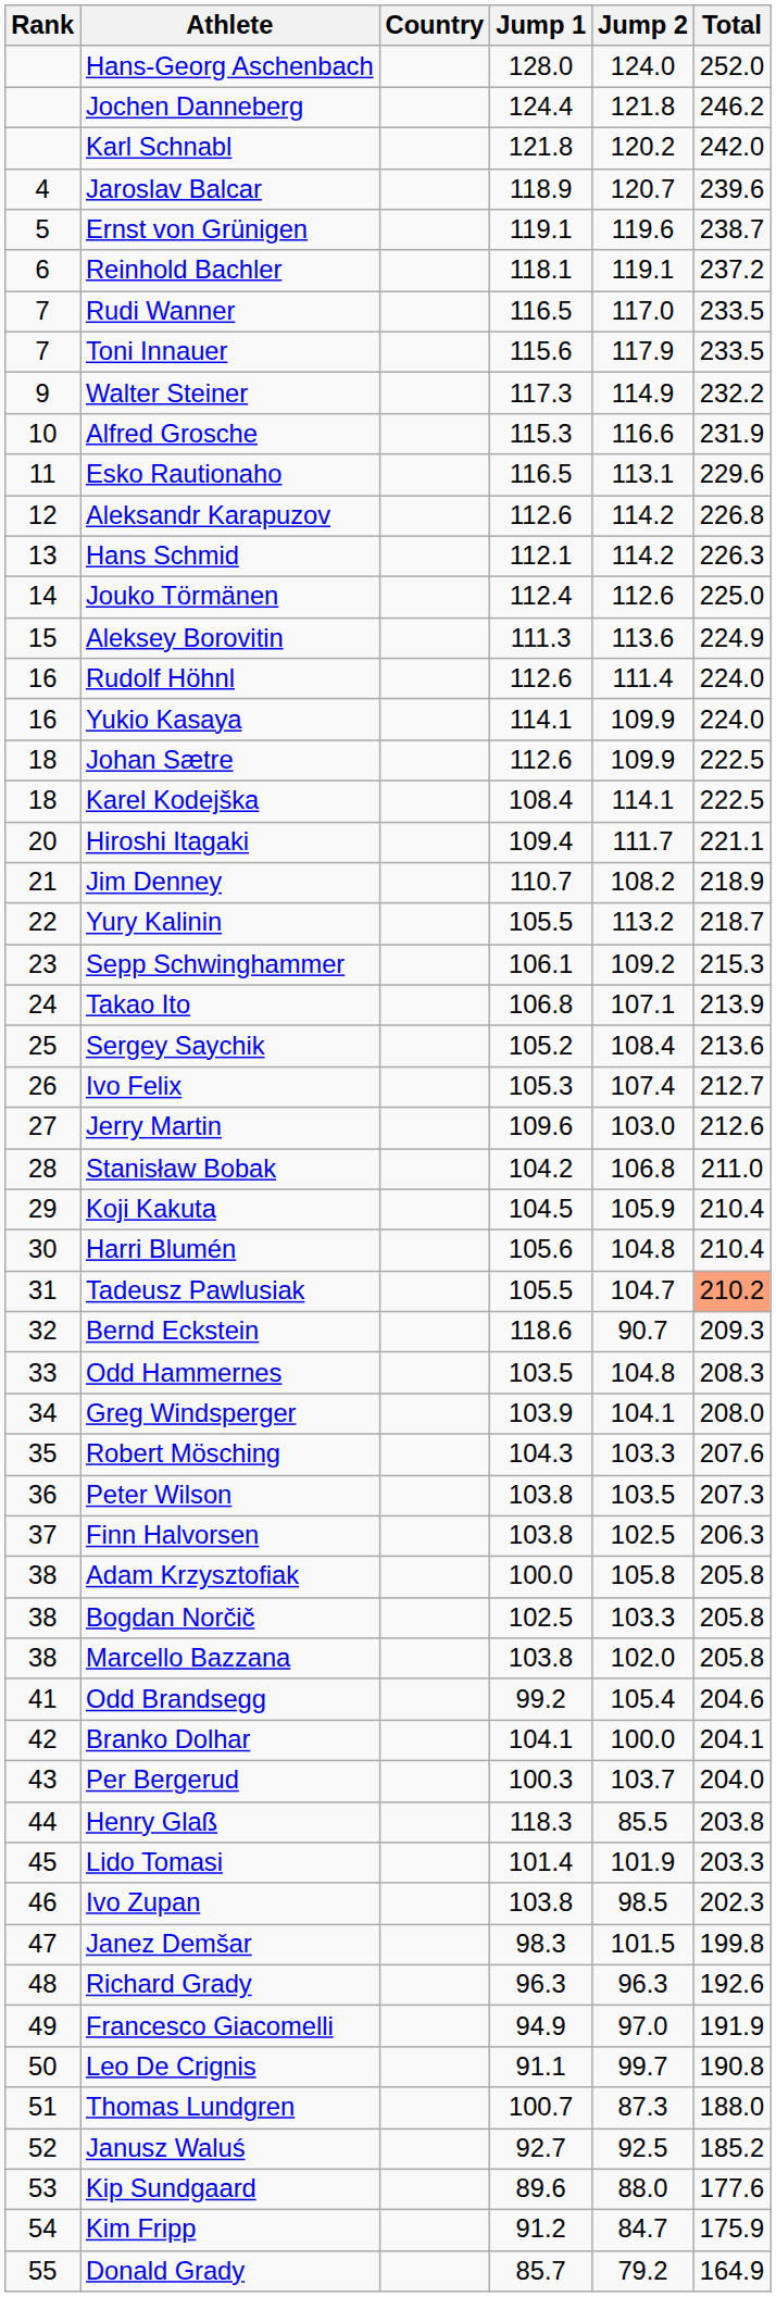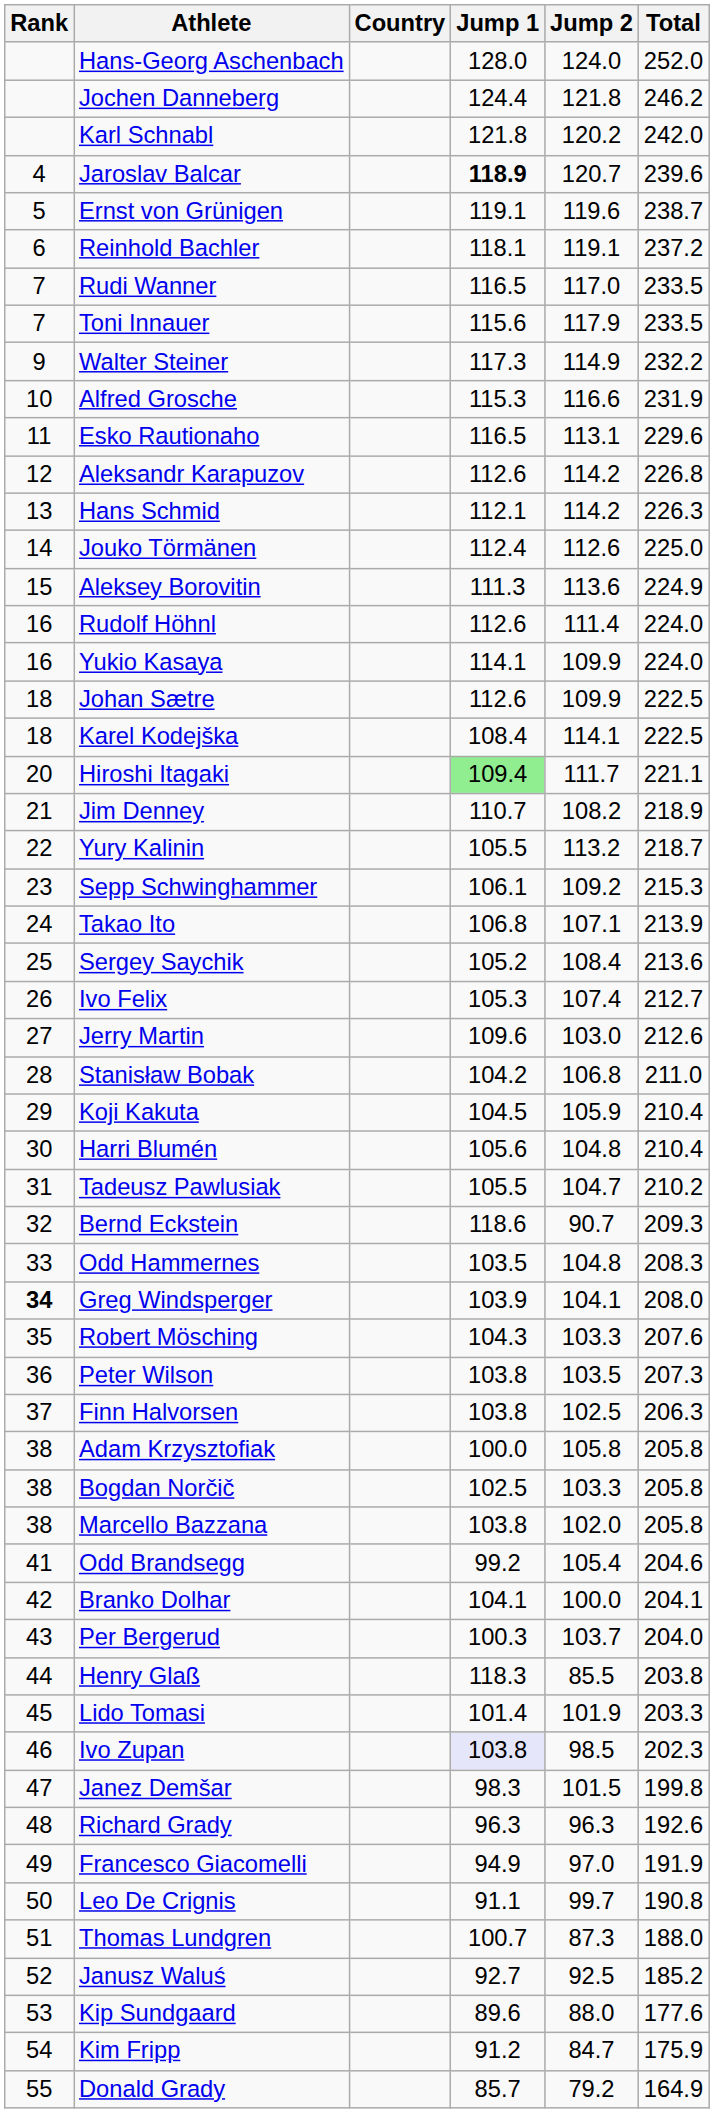 <table class="wikitable sortable" style="text-align:center">
 <tr>
 <th>Rank</th>
 <th>Athlete</th>
 <th>Country</th>
 <th>Jump 1</th>
 <th>Jump 2</th>
 <th>Total</th>
 </tr>
 <tr>
 <td></td>
 <td align=left><a href='#'>Hans-Georg Aschenbach</a></td>
 <td align=left></td>
 <td>128.0</td>
 <td>124.0</td>
 <td>252.0</td>
 </tr>
 <tr>
 <td></td>
 <td align=left><a href='#'>Jochen Danneberg</a></td>
 <td align=left></td>
 <td>124.4</td>
 <td>121.8</td>
 <td>246.2</td>
 </tr>
 <tr>
 <td></td>
 <td align=left><a href='#'>Karl Schnabl</a></td>
 <td align=left></td>
 <td>121.8</td>
 <td>120.2</td>
 <td>242.0</td>
 </tr>
 <tr>
 <td>4</td>
 <td align=left><a href='#'>Jaroslav Balcar</a></td>
 <td align=left></td>
-<td>118.9</td>
+<td><strong>118.9</strong></td>
 <td>120.7</td>
 <td>239.6</td>
 </tr>
 <tr>
 <td>5</td>
 <td align=left><a href='#'>Ernst von Grünigen</a></td>
 <td align=left></td>
 <td>119.1</td>
 <td>119.6</td>
 <td>238.7</td>
 </tr>
 <tr>
 <td>6</td>
 <td align=left><a href='#'>Reinhold Bachler</a></td>
 <td align=left></td>
 <td>118.1</td>
 <td>119.1</td>
 <td>237.2</td>
 </tr>
 <tr>
 <td>7</td>
 <td align=left><a href='#'>Rudi Wanner</a></td>
 <td align=left></td>
 <td>116.5</td>
 <td>117.0</td>
 <td>233.5</td>
 </tr>
 <tr>
 <td>7</td>
 <td align=left><a href='#'>Toni Innauer</a></td>
 <td align=left></td>
 <td>115.6</td>
 <td>117.9</td>
 <td>233.5</td>
 </tr>
 <tr>
 <td>9</td>
 <td align=left><a href='#'>Walter Steiner</a></td>
 <td align=left></td>
 <td>117.3</td>
 <td>114.9</td>
 <td>232.2</td>
 </tr>
 <tr>
 <td>10</td>
 <td align=left><a href='#'>Alfred Grosche</a></td>
 <td align=left></td>
 <td>115.3</td>
 <td>116.6</td>
 <td>231.9</td>
 </tr>
 <tr>
 <td>11</td>
 <td align=left><a href='#'>Esko Rautionaho</a></td>
 <td align=left></td>
 <td>116.5</td>
 <td>113.1</td>
 <td>229.6</td>
 </tr>
 <tr>
 <td>12</td>
 <td align=left><a href='#'>Aleksandr Karapuzov</a></td>
 <td align=left></td>
 <td>112.6</td>
 <td>114.2</td>
 <td>226.8</td>
 </tr>
 <tr>
 <td>13</td>
 <td align=left><a href='#'>Hans Schmid</a></td>
 <td align=left></td>
 <td>112.1</td>
 <td>114.2</td>
 <td>226.3</td>
 </tr>
 <tr>
 <td>14</td>
 <td align=left><a href='#'>Jouko Törmänen</a></td>
 <td align=left></td>
 <td>112.4</td>
 <td>112.6</td>
 <td>225.0</td>
 </tr>
 <tr>
 <td>15</td>
 <td align=left><a href='#'>Aleksey Borovitin</a></td>
 <td align=left></td>
 <td>111.3</td>
 <td>113.6</td>
 <td>224.9</td>
 </tr>
 <tr>
 <td>16</td>
 <td align=left><a href='#'>Rudolf Höhnl</a></td>
 <td align=left></td>
 <td>112.6</td>
 <td>111.4</td>
 <td>224.0</td>
 </tr>
 <tr>
 <td>16</td>
 <td align=left><a href='#'>Yukio Kasaya</a></td>
 <td align=left></td>
 <td>114.1</td>
 <td>109.9</td>
 <td>224.0</td>
 </tr>
 <tr>
 <td>18</td>
 <td align=left><a href='#'>Johan Sætre</a></td>
 <td align=left></td>
 <td>112.6</td>
 <td>109.9</td>
 <td>222.5</td>
 </tr>
 <tr>
 <td>18</td>
 <td align=left><a href='#'>Karel Kodejška</a></td>
 <td align=left></td>
 <td>108.4</td>
 <td>114.1</td>
 <td>222.5</td>
 </tr>
 <tr>
 <td>20</td>
 <td align=left><a href='#'>Hiroshi Itagaki</a></td>
 <td align=left></td>
-<td>109.4</td>
+<td style="background: lightgreen;">109.4</td>
 <td>111.7</td>
 <td>221.1</td>
 </tr>
 <tr>
 <td>21</td>
 <td align=left><a href='#'>Jim Denney</a></td>
 <td align=left></td>
 <td>110.7</td>
 <td>108.2</td>
 <td>218.9</td>
 </tr>
 <tr>
 <td>22</td>
 <td align=left><a href='#'>Yury Kalinin</a></td>
 <td align=left></td>
 <td>105.5</td>
 <td>113.2</td>
 <td>218.7</td>
 </tr>
 <tr>
 <td>23</td>
 <td align=left><a href='#'>Sepp Schwinghammer</a></td>
 <td align=left></td>
 <td>106.1</td>
 <td>109.2</td>
 <td>215.3</td>
 </tr>
 <tr>
 <td>24</td>
 <td align=left><a href='#'>Takao Ito</a></td>
 <td align=left></td>
 <td>106.8</td>
 <td>107.1</td>
 <td>213.9</td>
 </tr>
 <tr>
 <td>25</td>
 <td align=left><a href='#'>Sergey Saychik</a></td>
 <td align=left></td>
 <td>105.2</td>
 <td>108.4</td>
 <td>213.6</td>
 </tr>
 <tr>
 <td>26</td>
 <td align=left><a href='#'>Ivo Felix</a></td>
 <td align=left></td>
 <td>105.3</td>
 <td>107.4</td>
 <td>212.7</td>
 </tr>
 <tr>
 <td>27</td>
 <td align=left><a href='#'>Jerry Martin</a></td>
 <td align=left></td>
 <td>109.6</td>
 <td>103.0</td>
 <td>212.6</td>
 </tr>
 <tr>
 <td>28</td>
 <td align=left><a href='#'>Stanisław Bobak</a></td>
 <td align=left></td>
 <td>104.2</td>
 <td>106.8</td>
 <td>211.0</td>
 </tr>
 <tr>
 <td>29</td>
 <td align=left><a href='#'>Koji Kakuta</a></td>
 <td align=left></td>
 <td>104.5</td>
 <td>105.9</td>
 <td>210.4</td>
 </tr>
 <tr>
 <td>30</td>
 <td align=left><a href='#'>Harri Blumén</a></td>
 <td align=left></td>
 <td>105.6</td>
 <td>104.8</td>
 <td>210.4</td>
 </tr>
 <tr>
 <td>31</td>
 <td align=left><a href='#'>Tadeusz Pawlusiak</a></td>
 <td align=left></td>
 <td>105.5</td>
 <td>104.7</td>
-<td style="background: lightsalmon;">210.2</td>
+<td>210.2</td>
 </tr>
 <tr>
 <td>32</td>
 <td align=left><a href='#'>Bernd Eckstein</a></td>
 <td align=left></td>
 <td>118.6</td>
 <td>90.7</td>
 <td>209.3</td>
 </tr>
 <tr>
 <td>33</td>
 <td align=left><a href='#'>Odd Hammernes</a></td>
 <td align=left></td>
 <td>103.5</td>
 <td>104.8</td>
 <td>208.3</td>
 </tr>
 <tr>
-<td>34</td>
+<td><strong>34</strong></td>
 <td align=left><a href='#'>Greg Windsperger</a></td>
 <td align=left></td>
 <td>103.9</td>
 <td>104.1</td>
 <td>208.0</td>
 </tr>
 <tr>
 <td>35</td>
 <td align=left><a href='#'>Robert Mösching</a></td>
 <td align=left></td>
 <td>104.3</td>
 <td>103.3</td>
 <td>207.6</td>
 </tr>
 <tr>
 <td>36</td>
 <td align=left><a href='#'>Peter Wilson</a></td>
 <td align=left></td>
 <td>103.8</td>
 <td>103.5</td>
 <td>207.3</td>
 </tr>
 <tr>
 <td>37</td>
 <td align=left><a href='#'>Finn Halvorsen</a></td>
 <td align=left></td>
 <td>103.8</td>
 <td>102.5</td>
 <td>206.3</td>
 </tr>
 <tr>
 <td>38</td>
 <td align=left><a href='#'>Adam Krzysztofiak</a></td>
 <td align=left></td>
 <td>100.0</td>
 <td>105.8</td>
 <td>205.8</td>
 </tr>
 <tr>
 <td>38</td>
 <td align=left><a href='#'>Bogdan Norčič</a></td>
 <td align=left></td>
 <td>102.5</td>
 <td>103.3</td>
 <td>205.8</td>
 </tr>
 <tr>
 <td>38</td>
 <td align=left><a href='#'>Marcello Bazzana</a></td>
 <td align=left></td>
 <td>103.8</td>
 <td>102.0</td>
 <td>205.8</td>
 </tr>
 <tr>
 <td>41</td>
 <td align=left><a href='#'>Odd Brandsegg</a></td>
 <td align=left></td>
 <td>99.2</td>
 <td>105.4</td>
 <td>204.6</td>
 </tr>
 <tr>
 <td>42</td>
 <td align=left><a href='#'>Branko Dolhar</a></td>
 <td align=left></td>
 <td>104.1</td>
 <td>100.0</td>
 <td>204.1</td>
 </tr>
 <tr>
 <td>43</td>
 <td align=left><a href='#'>Per Bergerud</a></td>
 <td align=left></td>
 <td>100.3</td>
 <td>103.7</td>
 <td>204.0</td>
 </tr>
 <tr>
 <td>44</td>
 <td align=left><a href='#'>Henry Glaß</a></td>
 <td align=left></td>
 <td>118.3</td>
 <td>85.5</td>
 <td>203.8</td>
 </tr>
 <tr>
 <td>45</td>
 <td align=left><a href='#'>Lido Tomasi</a></td>
 <td align=left></td>
 <td>101.4</td>
 <td>101.9</td>
 <td>203.3</td>
 </tr>
 <tr>
 <td>46</td>
 <td align=left><a href='#'>Ivo Zupan</a></td>
 <td align=left></td>
-<td>103.8</td>
+<td style="background: lavender;">103.8</td>
 <td>98.5</td>
 <td>202.3</td>
 </tr>
 <tr>
 <td>47</td>
 <td align=left><a href='#'>Janez Demšar</a></td>
 <td align=left></td>
 <td>98.3</td>
 <td>101.5</td>
 <td>199.8</td>
 </tr>
 <tr>
 <td>48</td>
 <td align=left><a href='#'>Richard Grady</a></td>
 <td align=left></td>
 <td>96.3</td>
 <td>96.3</td>
 <td>192.6</td>
 </tr>
 <tr>
 <td>49</td>
 <td align=left><a href='#'>Francesco Giacomelli</a></td>
 <td align=left></td>
 <td>94.9</td>
 <td>97.0</td>
 <td>191.9</td>
 </tr>
 <tr>
 <td>50</td>
 <td align=left><a href='#'>Leo De Crignis</a></td>
 <td align=left></td>
 <td>91.1</td>
 <td>99.7</td>
 <td>190.8</td>
 </tr>
 <tr>
 <td>51</td>
 <td align=left><a href='#'>Thomas Lundgren</a></td>
 <td align=left></td>
 <td>100.7</td>
 <td>87.3</td>
 <td>188.0</td>
 </tr>
 <tr>
 <td>52</td>
 <td align=left><a href='#'>Janusz Waluś</a></td>
 <td align=left></td>
 <td>92.7</td>
 <td>92.5</td>
 <td>185.2</td>
 </tr>
 <tr>
 <td>53</td>
 <td align=left><a href='#'>Kip Sundgaard</a></td>
 <td align=left></td>
 <td>89.6</td>
 <td>88.0</td>
 <td>177.6</td>
 </tr>
 <tr>
 <td>54</td>
 <td align=left><a href='#'>Kim Fripp</a></td>
 <td align=left></td>
 <td>91.2</td>
 <td>84.7</td>
 <td>175.9</td>
 </tr>
 <tr>
 <td>55</td>
 <td align=left><a href='#'>Donald Grady</a></td>
 <td align=left></td>
 <td>85.7</td>
 <td>79.2</td>
 <td>164.9</td>
 </tr>
 </table>
